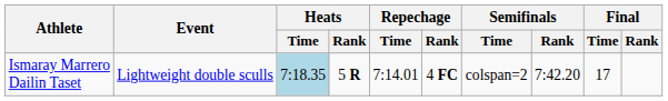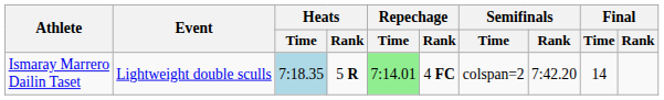 <table class="wikitable" style="font-size:90%;">
 <tr>
 <th rowspan="2">Athlete</th>
 <th rowspan="2">Event</th>
 <th colspan="2">Heats</th>
 <th colspan="2">Repechage</th>
 <th colspan="2">Semifinals</th>
 <th colspan="2">Final</th>
 </tr>
 <tr style="font-size:95%">
 <th>Time</th>
 <th>Rank</th>
 <th>Time</th>
 <th>Rank</th>
 <th>Time</th>
 <th>Rank</th>
 <th>Time</th>
 <th>Rank</th>
 </tr>
 <tr align=center>
 <td align=left><a href='#'>Ismaray Marrero</a><br><a href='#'>Dailin Taset</a></td>
 <td align=left><a href='#'>Lightweight double sculls</a></td>
 <td style="background: lightblue;">7:18.35</td>
 <td>5 <strong>R</strong></td>
-<td>7:14.01</td>
+<td style="background: lightgreen;">7:14.01</td>
 <td>4 <strong>FC</strong></td>
 <td>colspan=2 </td>
 <td>7:42.20</td>
-<td>17</td>
+<td>14</td>
 </tr>
 </table>
